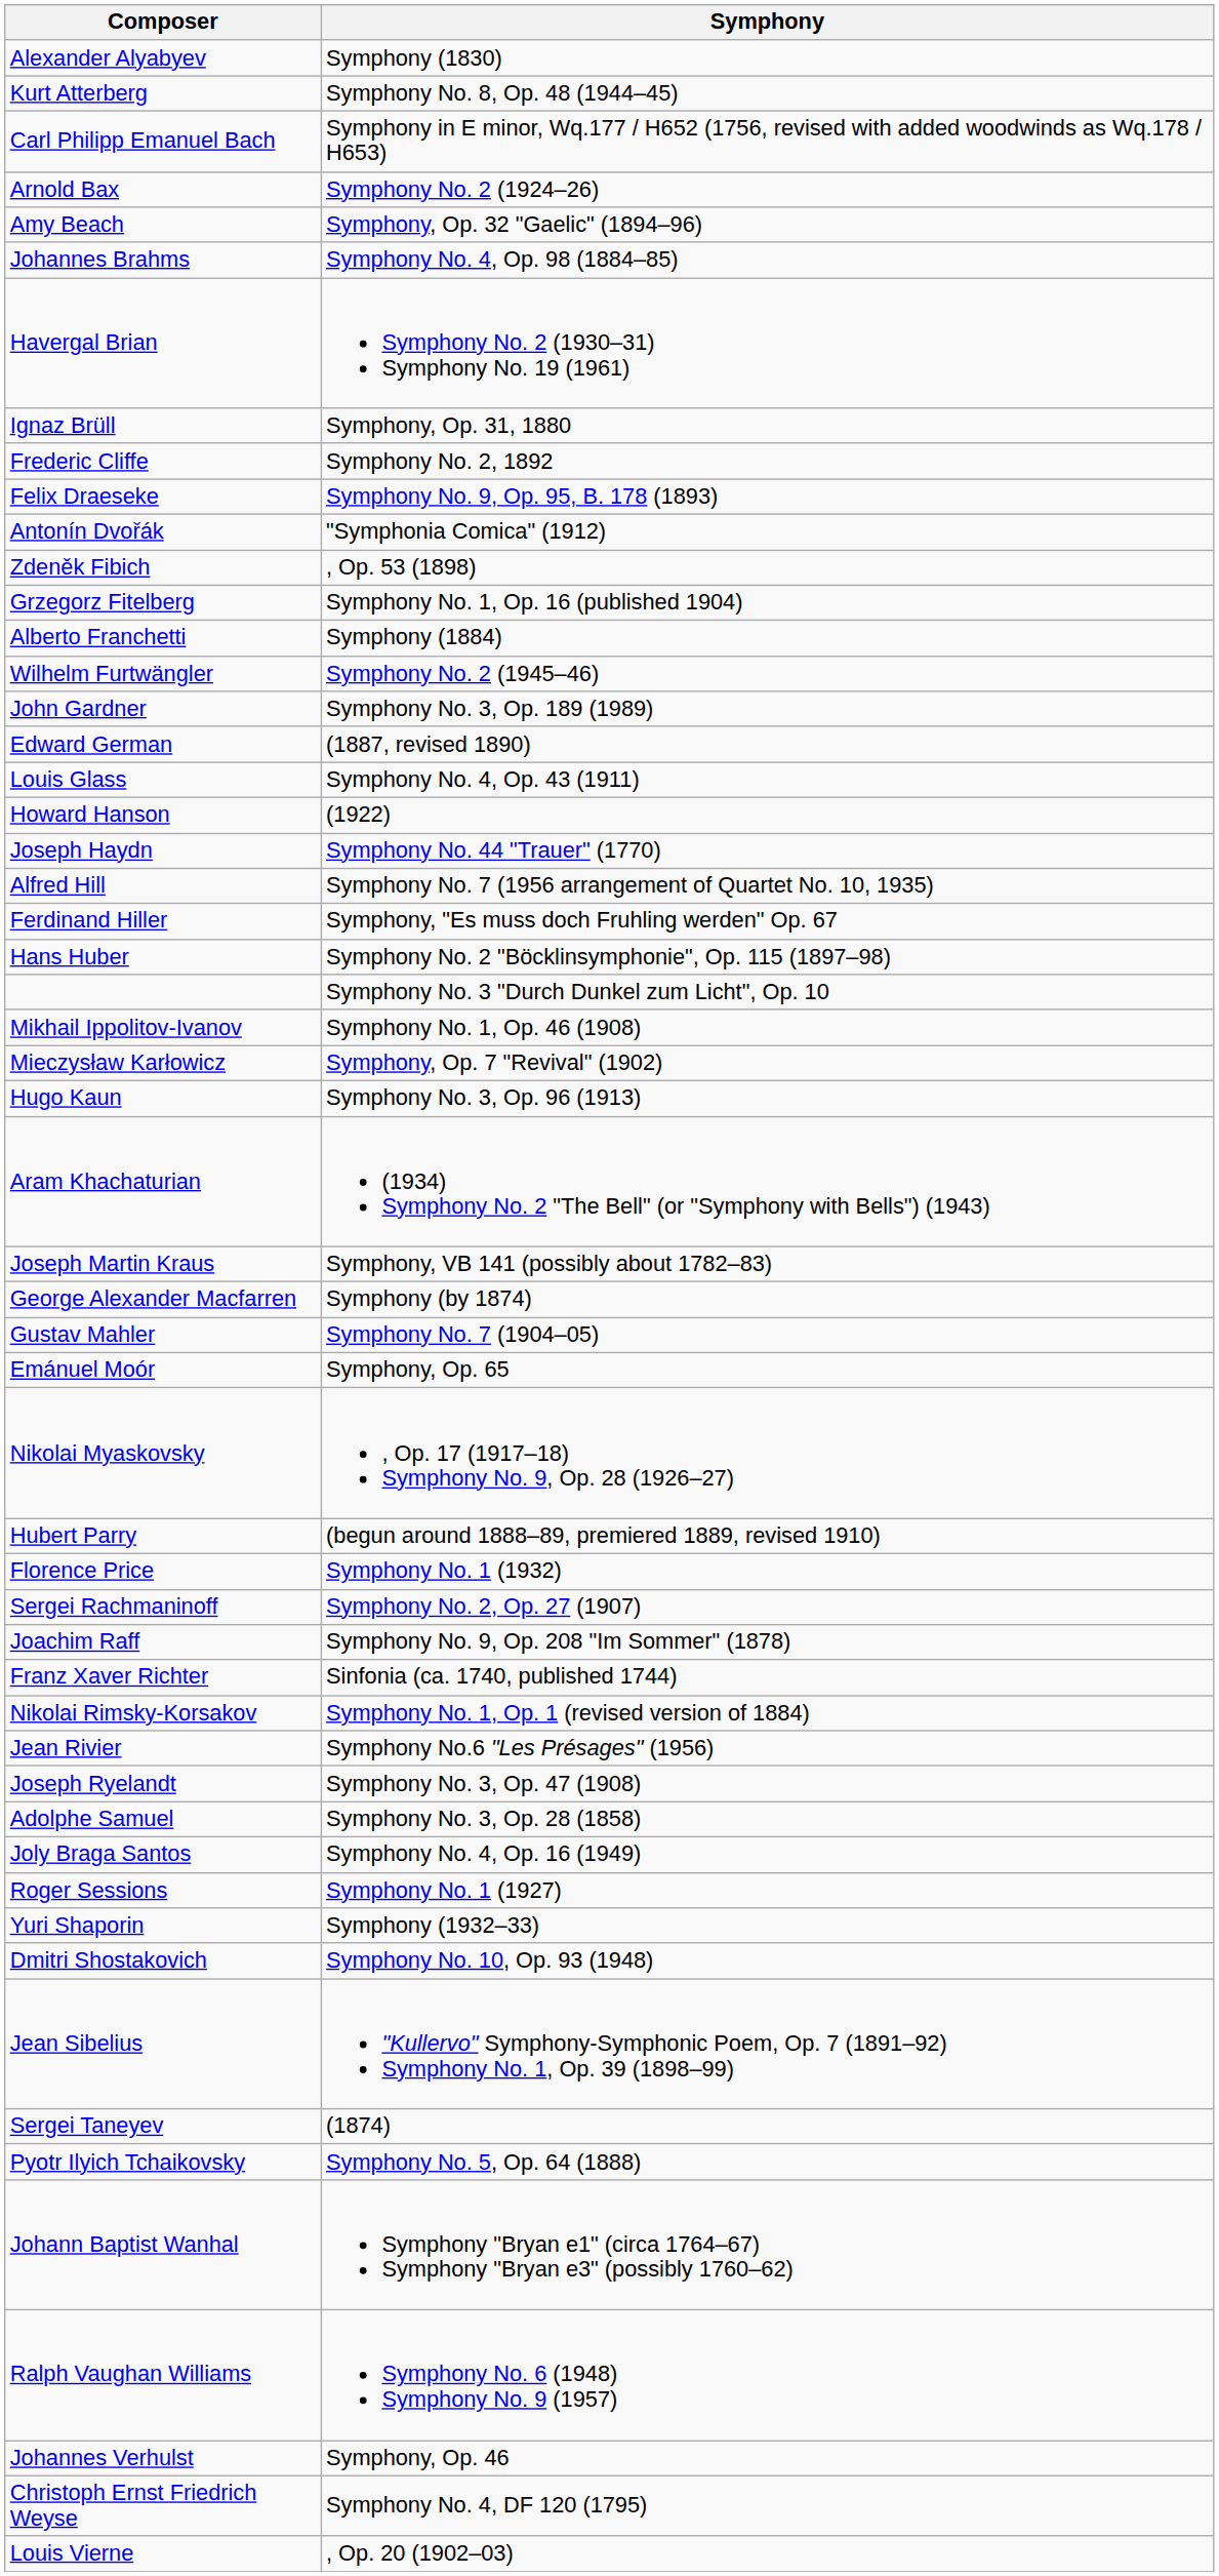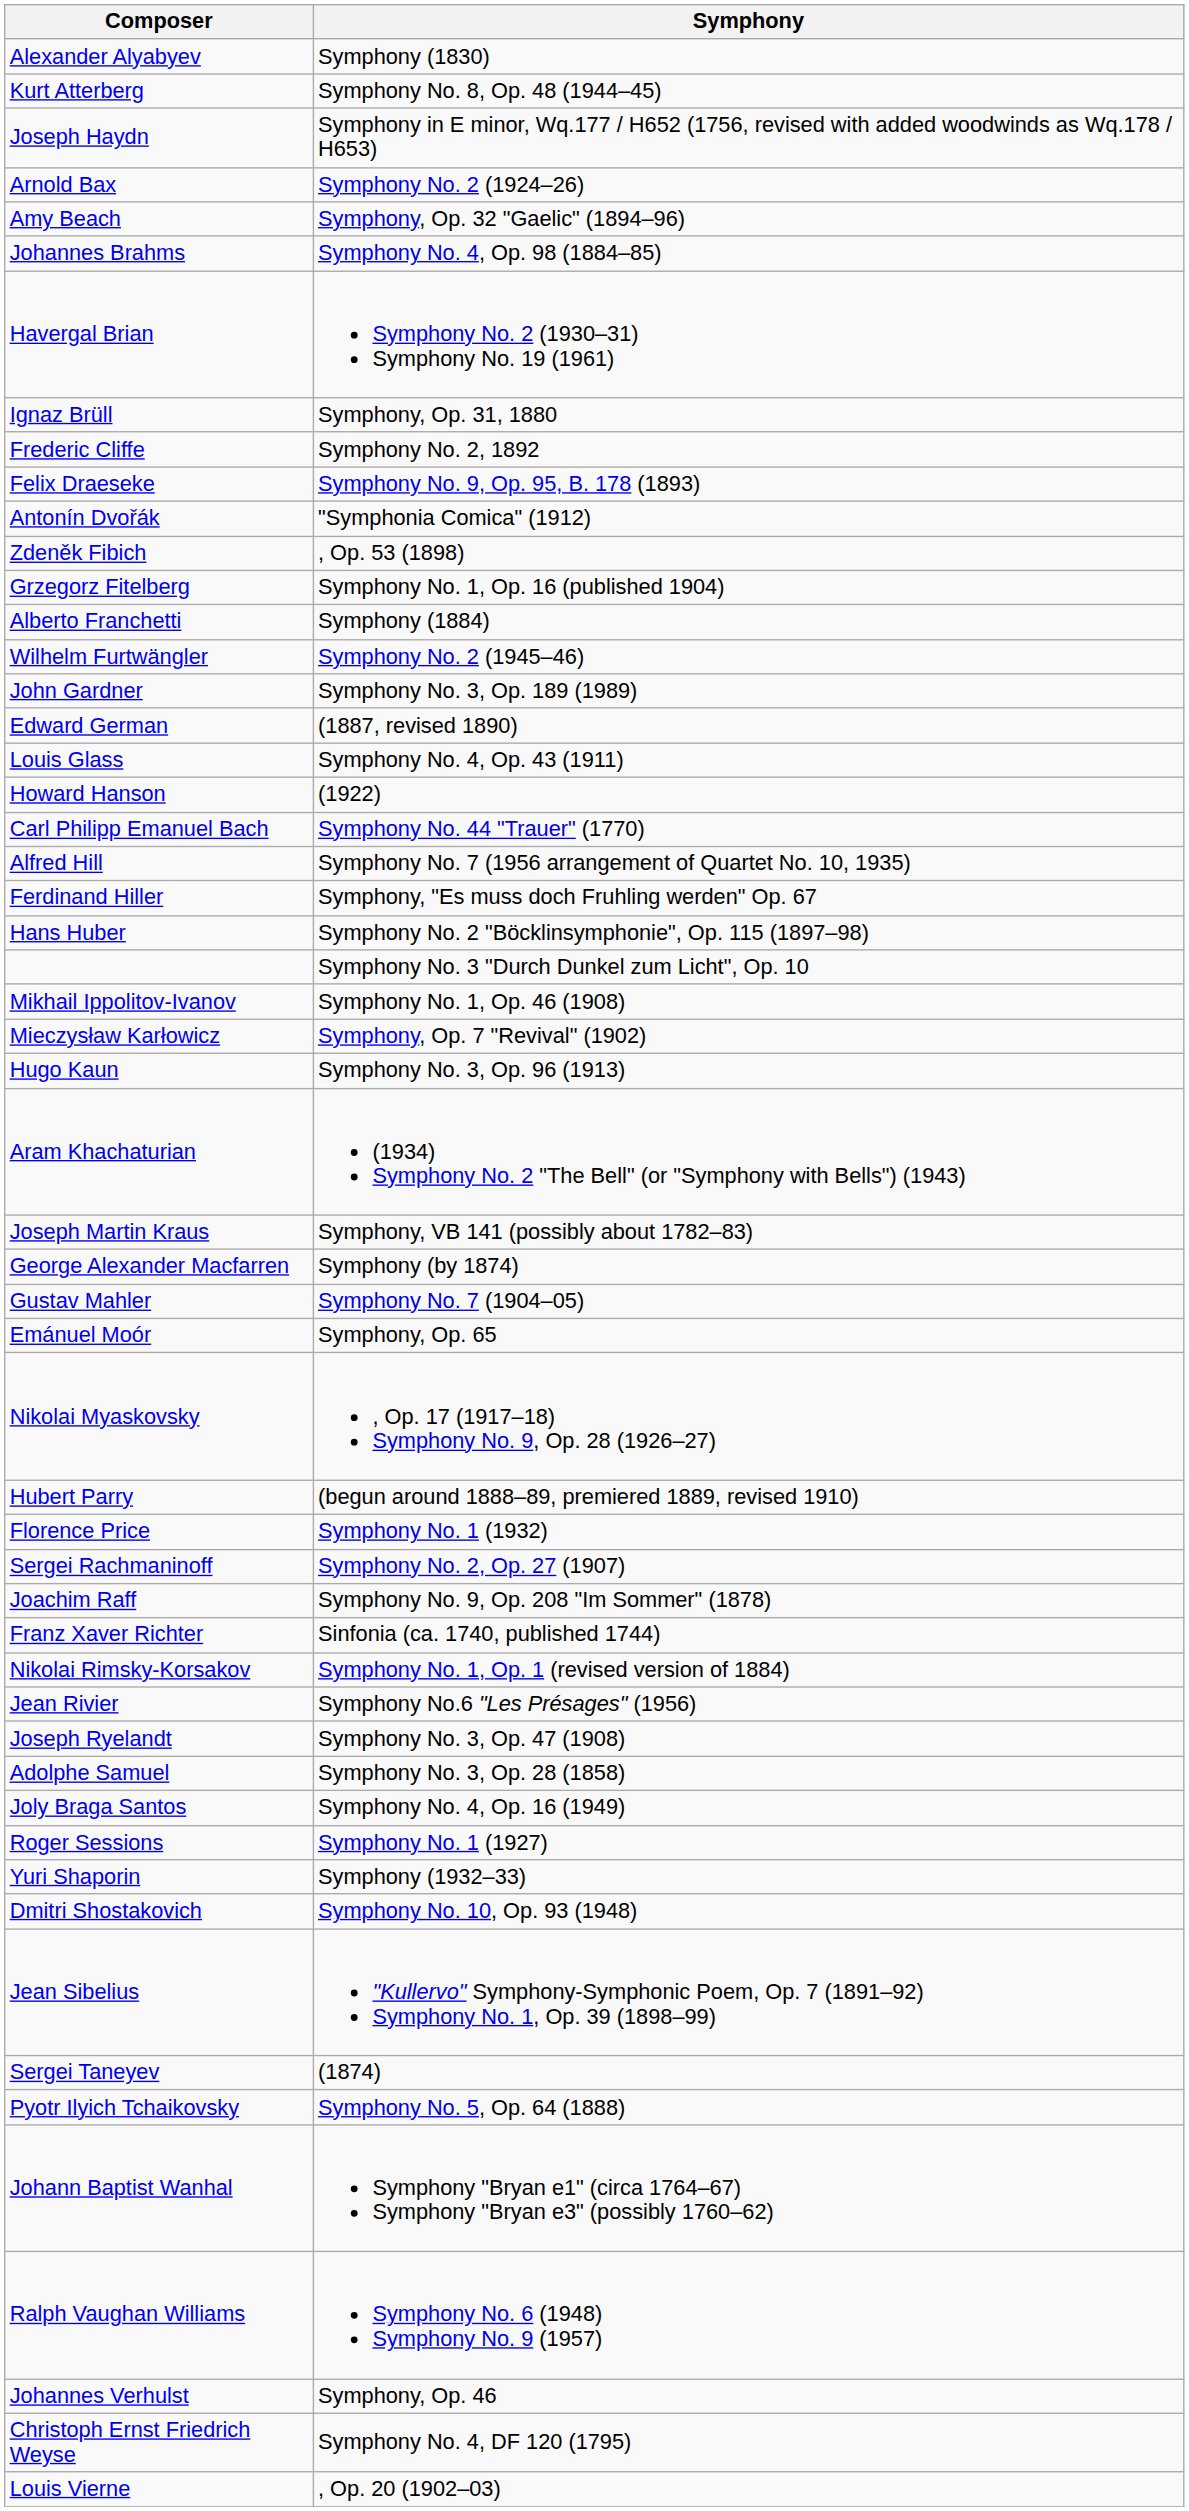 <table class="wikitable">
 <tr>
 <th>Composer</th>
 <th>Symphony</th>
 </tr>
 <tr>
 <td><a href='#'>Alexander Alyabyev</a></td>
 <td>Symphony (1830) </td>
 </tr>
 <tr>
 <td><a href='#'>Kurt Atterberg</a></td>
 <td>Symphony No. 8, Op. 48 (1944–45)</td>
 </tr>
 <tr>
-<td><a href='#'>Carl Philipp Emanuel Bach</a></td>
+<td><a href='#'>Joseph Haydn</a></td>
 <td>Symphony in E minor, Wq.177 / H652 (1756, revised with added woodwinds as Wq.178 / H653)</td>
 </tr>
 <tr>
 <td><a href='#'>Arnold Bax</a></td>
 <td><a href='#'>Symphony No. 2</a> (1924–26)</td>
 </tr>
 <tr>
 <td><a href='#'>Amy Beach</a></td>
 <td><a href='#'>Symphony</a>, Op. 32 "Gaelic" (1894–96)</td>
 </tr>
 <tr>
 <td><a href='#'>Johannes Brahms</a></td>
 <td><a href='#'>Symphony No. 4</a>, Op. 98 (1884–85)</td>
 </tr>
 <tr>
 <td><a href='#'>Havergal Brian</a></td>
 <td><br><ul><li><a href='#'>Symphony No. 2</a> (1930–31)</li><li>Symphony No. 19 (1961)</li></ul></td>
 </tr>
 <tr>
 <td><a href='#'>Ignaz Brüll</a></td>
 <td>Symphony, Op. 31, 1880</td>
 </tr>
 <tr>
 <td><a href='#'>Frederic Cliffe</a></td>
 <td>Symphony No. 2, 1892</td>
 </tr>
 <tr>
 <td><a href='#'>Felix Draeseke</a></td>
 <td><a href='#'>Symphony No. 9, Op. 95, B. 178</a> (1893)</td>
 </tr>
 <tr>
 <td><a href='#'>Antonín Dvořák</a></td>
 <td> "Symphonia Comica" (1912)</td>
 </tr>
 <tr>
 <td><a href='#'>Zdeněk Fibich</a></td>
 <td>, Op. 53 (1898)</td>
 </tr>
 <tr>
 <td><a href='#'>Grzegorz Fitelberg</a></td>
 <td>Symphony No. 1, Op. 16 (published 1904)</td>
 </tr>
 <tr>
 <td><a href='#'>Alberto Franchetti</a></td>
 <td>Symphony (1884)</td>
 </tr>
 <tr>
 <td><a href='#'>Wilhelm Furtwängler</a></td>
 <td><a href='#'>Symphony No. 2</a> (1945–46)</td>
 </tr>
 <tr>
 <td><a href='#'>John Gardner</a></td>
 <td>Symphony No. 3, Op. 189 (1989)</td>
 </tr>
 <tr>
 <td><a href='#'>Edward German</a></td>
 <td> (1887, revised 1890)</td>
 </tr>
 <tr>
 <td><a href='#'>Louis Glass</a></td>
 <td>Symphony No. 4, Op. 43 (1911)</td>
 </tr>
 <tr>
 <td><a href='#'>Howard Hanson</a></td>
 <td> (1922)</td>
 </tr>
 <tr>
-<td><a href='#'>Joseph Haydn</a></td>
+<td><a href='#'>Carl Philipp Emanuel Bach</a></td>
 <td><a href='#'>Symphony No. 44 "Trauer"</a> (1770)</td>
 </tr>
 <tr>
 <td><a href='#'>Alfred Hill</a></td>
 <td>Symphony No. 7 (1956 arrangement of Quartet No. 10, 1935)</td>
 </tr>
 <tr>
 <td><a href='#'>Ferdinand Hiller</a></td>
 <td>Symphony, "Es muss doch Fruhling werden" Op. 67 </td>
 </tr>
 <tr>
 <td><a href='#'>Hans Huber</a></td>
 <td>Symphony No. 2 "Böcklinsymphonie", Op. 115 (1897–98)</td>
 </tr>
 <tr>
 <td></td>
 <td>Symphony No. 3 "Durch Dunkel zum Licht", Op. 10</td>
 </tr>
 <tr>
 <td><a href='#'>Mikhail Ippolitov-Ivanov</a></td>
 <td>Symphony No. 1, Op. 46 (1908)</td>
 </tr>
 <tr>
 <td><a href='#'>Mieczysław Karłowicz</a></td>
 <td><a href='#'>Symphony</a>, Op. 7 "Revival" (1902)</td>
 </tr>
 <tr>
 <td><a href='#'>Hugo Kaun</a></td>
 <td>Symphony No. 3, Op. 96 (1913) </td>
 </tr>
 <tr>
 <td><a href='#'>Aram Khachaturian</a></td>
 <td><br><ul><li> (1934)</li><li><a href='#'>Symphony No. 2</a> "The Bell" (or "Symphony with Bells") (1943)</li></ul></td>
 </tr>
 <tr>
 <td><a href='#'>Joseph Martin Kraus</a></td>
 <td>Symphony, VB 141 (possibly about 1782–83)</td>
 </tr>
 <tr>
 <td><a href='#'>George Alexander Macfarren</a></td>
 <td>Symphony (by 1874)</td>
 </tr>
 <tr>
 <td><a href='#'>Gustav Mahler</a></td>
 <td><a href='#'>Symphony No. 7</a> (1904–05)</td>
 </tr>
 <tr>
 <td><a href='#'>Emánuel Moór</a></td>
 <td>Symphony, Op. 65</td>
 </tr>
 <tr>
 <td><a href='#'>Nikolai Myaskovsky</a></td>
 <td><br><ul><li>, Op. 17 (1917–18)</li><li><a href='#'>Symphony No. 9</a>, Op. 28 (1926–27)</li></ul></td>
 </tr>
 <tr>
 <td><a href='#'>Hubert Parry</a></td>
 <td> (begun around 1888–89, premiered 1889, revised 1910)</td>
 </tr>
 <tr>
 <td><a href='#'>Florence Price</a></td>
 <td><a href='#'>Symphony No. 1</a> (1932)</td>
 </tr>
 <tr>
 <td><a href='#'>Sergei Rachmaninoff</a></td>
 <td><a href='#'>Symphony No. 2, Op. 27</a> (1907)</td>
 </tr>
 <tr>
 <td><a href='#'>Joachim Raff</a></td>
 <td>Symphony No. 9, Op. 208 "Im Sommer" (1878) </td>
 </tr>
 <tr>
 <td><a href='#'>Franz Xaver Richter</a></td>
 <td>Sinfonia (ca. 1740, published 1744)</td>
 </tr>
 <tr>
 <td><a href='#'>Nikolai Rimsky-Korsakov</a></td>
 <td><a href='#'>Symphony No. 1, Op. 1</a> (revised version of 1884)</td>
 </tr>
 <tr>
 <td><a href='#'>Jean Rivier</a></td>
 <td>Symphony No.6 <em>"Les Présages"</em> (1956)</td>
 </tr>
 <tr>
 <td><a href='#'>Joseph Ryelandt</a></td>
 <td>Symphony No. 3, Op. 47 (1908)</td>
 </tr>
 <tr>
 <td><a href='#'>Adolphe Samuel</a></td>
 <td>Symphony No. 3, Op. 28 (1858)</td>
 </tr>
 <tr>
 <td><a href='#'>Joly Braga Santos</a></td>
 <td>Symphony No. 4, Op. 16 (1949)</td>
 </tr>
 <tr>
 <td><a href='#'>Roger Sessions</a></td>
 <td><a href='#'>Symphony No. 1</a> (1927)</td>
 </tr>
 <tr>
 <td><a href='#'>Yuri Shaporin</a></td>
 <td>Symphony (1932–33)</td>
 </tr>
 <tr>
 <td><a href='#'>Dmitri Shostakovich</a></td>
 <td><a href='#'>Symphony No. 10</a>, Op. 93 (1948)</td>
 </tr>
 <tr>
 <td><a href='#'>Jean Sibelius</a></td>
 <td><br><ul><li><a href='#'><em>"Kullervo"</em></a> Symphony-Symphonic Poem, Op. 7 (1891–92)</li><li><a href='#'>Symphony No. 1</a>, Op. 39 (1898–99)</li></ul></td>
 </tr>
 <tr>
 <td><a href='#'>Sergei Taneyev</a></td>
 <td> (1874)</td>
 </tr>
 <tr>
 <td><a href='#'>Pyotr Ilyich Tchaikovsky</a></td>
 <td><a href='#'>Symphony No. 5</a>, Op. 64 (1888)</td>
 </tr>
 <tr>
 <td><a href='#'>Johann Baptist Wanhal</a></td>
 <td><br><ul><li>Symphony "Bryan e1" (circa 1764–67)</li><li>Symphony "Bryan e3" (possibly 1760–62)</li></ul></td>
 </tr>
 <tr>
 <td><a href='#'>Ralph Vaughan Williams</a></td>
 <td><br><ul><li><a href='#'>Symphony No. 6</a> (1948)</li><li><a href='#'>Symphony No. 9</a> (1957)</li></ul></td>
 </tr>
 <tr>
 <td><a href='#'>Johannes Verhulst</a></td>
 <td>Symphony, Op. 46</td>
 </tr>
 <tr>
 <td><a href='#'>Christoph Ernst Friedrich Weyse</a></td>
 <td>Symphony No. 4, DF 120 (1795)</td>
 </tr>
 <tr>
 <td><a href='#'>Louis Vierne</a></td>
 <td>, Op. 20 (1902–03)</td>
 </tr>
 <tr>
 </tr>
 </table>
